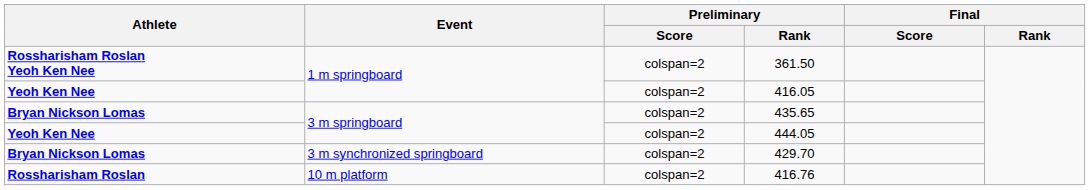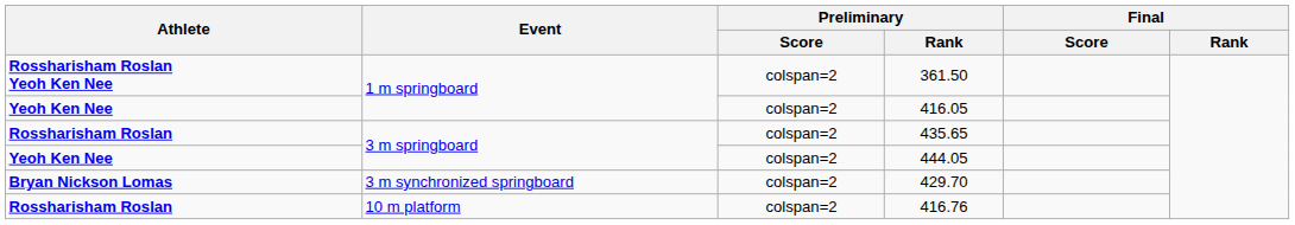 <table class="wikitable" width="75%" style="text-align:center; font-size:90%;">
 <tr>
 <th rowspan="2" width="15%">Athlete</th>
 <th rowspan="2" width="15%">Event</th>
 <th colspan="2" width="12%">Preliminary</th>
 <th colspan="2" width="12%">Final</th>
 </tr>
 <tr>
 <th width="7%">Score</th>
 <th>Rank</th>
 <th width="7%">Score</th>
 <th>Rank</th>
 </tr>
 <tr>
 <td align=left><strong><a href='#'>Rossharisham Roslan</a><br><a href='#'>Yeoh Ken Nee</a></strong></td>
 <td align=left rowspan=2><a href='#'>1 m springboard</a></td>
 <td>colspan=2 </td>
 <td>361.50</td>
 <td></td>
 </tr>
 <tr>
 <td align=left><strong><a href='#'>Yeoh Ken Nee</a></strong></td>
 <td>colspan=2 </td>
 <td>416.05</td>
 <td></td>
 </tr>
 <tr>
-<td align=left><strong><a href='#'>Bryan Nickson Lomas</a></strong></td>
+<td align=left><strong><a href='#'>Rossharisham Roslan</a></strong></td>
 <td align=left rowspan=2><a href='#'>3 m springboard</a></td>
 <td>colspan=2 </td>
 <td>435.65</td>
 <td></td>
 </tr>
 <tr>
 <td align=left><strong><a href='#'>Yeoh Ken Nee</a></strong></td>
 <td>colspan=2 </td>
 <td>444.05</td>
 <td></td>
 </tr>
 <tr>
 <td align=left><strong><a href='#'>Bryan Nickson Lomas</a></strong></td>
 <td align=left><a href='#'>3 m synchronized springboard</a></td>
 <td>colspan=2 </td>
 <td>429.70</td>
 <td></td>
 </tr>
 <tr>
 <td align=left><strong><a href='#'>Rossharisham Roslan</a></strong></td>
 <td align=left><a href='#'>10 m platform</a></td>
 <td>colspan=2 </td>
 <td>416.76</td>
 <td></td>
 </tr>
 </table>
